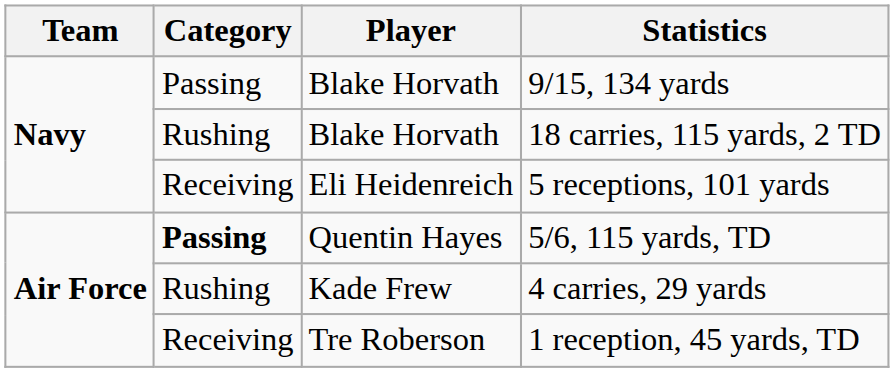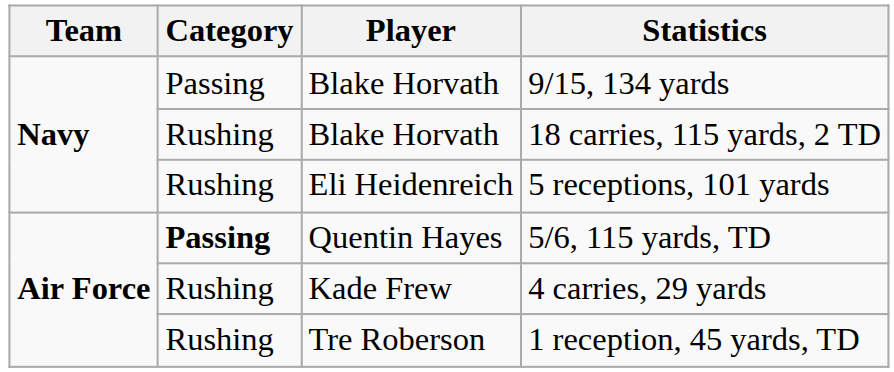 <table class="wikitable" style="float: right;">
 <tr>
 <th>Team</th>
 <th>Category</th>
 <th>Player</th>
 <th>Statistics</th>
 </tr>
 <tr>
 <td rowspan=3><strong>Navy</strong></td>
 <td>Passing</td>
 <td>Blake Horvath</td>
 <td>9/15, 134 yards</td>
 </tr>
 <tr>
 <td>Rushing</td>
 <td>Blake Horvath</td>
 <td>18 carries, 115 yards, 2 TD</td>
 </tr>
 <tr>
-<td>Receiving</td>
+<td>Rushing</td>
 <td>Eli Heidenreich</td>
 <td>5 receptions, 101 yards</td>
 </tr>
 <tr>
 <td rowspan=3><strong>Air Force</strong></td>
 <td><strong>Passing</strong></td>
 <td>Quentin Hayes</td>
 <td>5/6, 115 yards, TD</td>
 </tr>
 <tr>
 <td>Rushing</td>
 <td>Kade Frew</td>
 <td>4 carries, 29 yards</td>
 </tr>
 <tr>
-<td>Receiving</td>
+<td>Rushing</td>
 <td>Tre Roberson</td>
 <td>1 reception, 45 yards, TD</td>
 </tr>
 </table>
